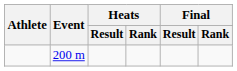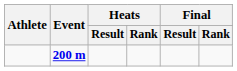 <table class="wikitable" style="font-size:90%">
 <tr>
 <th rowspan=2>Athlete</th>
 <th rowspan=2>Event</th>
 <th colspan=2>Heats</th>
 <th colspan=2>Final</th>
 </tr>
 <tr style="font-size:95%">
 <th>Result</th>
 <th>Rank</th>
 <th>Result</th>
 <th>Rank</th>
 </tr>
 <tr align=center>
 <td align=left></td>
-<td align=left><a href='#'>200 m</a></td>
+<td align=left><strong><a href='#'>200 m</a></strong></td>
 <td></td>
 <td></td>
 <td></td>
 <td></td>
 </tr>
 </table>
